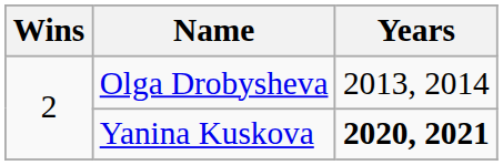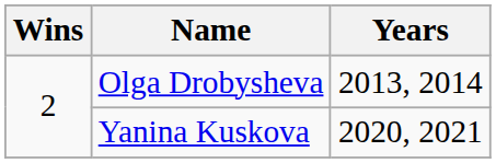 <table class="wikitable">
 <tr>
 <th>Wins</th>
 <th>Name</th>
 <th>Years</th>
 </tr>
 <tr>
 <td align=center rowspan=2>2</td>
 <td><a href='#'>Olga Drobysheva</a></td>
 <td align=left>2013, 2014</td>
 </tr>
 <tr>
 <td><a href='#'>Yanina Kuskova</a></td>
-<td align=left><strong>2020, 2021</strong></td>
+<td align=left>2020, 2021</td>
 </tr>
 </table>
